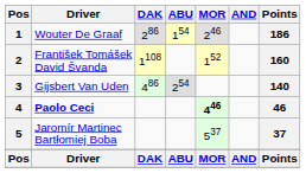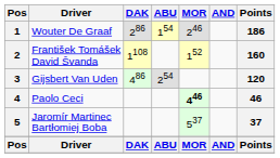 <table class="wikitable" style="font-size: 85%; text-align: center; display: inline-table;">
 <tr valign="top">
 <th valign="middle">Pos</th>
 <th valign="middle">Driver</th>
 <th><a href='#'>DAK</a><br></th>
 <th><a href='#'>ABU</a><br></th>
 <th><a href='#'>MOR</a><br></th>
 <th><a href='#'>AND</a><br></th>
 <th valign="middle">Points</th>
 </tr>
 <tr>
 <th>1</th>
 <td align=left> <a href='#'>Wouter De Graaf</a></td>
 <td style="background:#dfdfdf;">2<sup>86</sup></td>
 <td style="background:#ffffbf;">1<sup>54</sup></td>
 <td style="background:#dfdfdf;">2<sup>46</sup></td>
 <td></td>
 <th>186</th>
 </tr>
 <tr>
 <th>2</th>
 <td align=left> <a href='#'>František Tomášek</a><br> <a href='#'>David Švanda</a></td>
 <td style="background:#ffffbf;">1<sup>108</sup></td>
 <td></td>
 <td style="background:#ffffbf;">1<sup>52</sup></td>
 <td></td>
 <th>160</th>
 </tr>
 <tr>
 <th>3</th>
 <td align=left> <a href='#'>Gijsbert Van Uden</a></td>
 <td style="background:#dfffdf;">4<sup>86</sup></td>
 <td style="background:#dfdfdf;">2<sup>54</sup></td>
 <td></td>
 <td></td>
-<th>140</th>
+<th>120</th>
 </tr>
 <tr>
 <th>4</th>
-<td align=left><strong> <a href='#'>Paolo Ceci</a></strong></td>
+<td align=left> <a href='#'>Paolo Ceci</a></td>
 <td></td>
 <td></td>
 <td style="background:#dfffdf;"><strong>4<sup>46</sup></strong></td>
 <td></td>
 <th>46</th>
 </tr>
 <tr>
 <th>5</th>
 <td align=left> <a href='#'>Jaromír Martinec</a><br> <a href='#'>Bartłomiej Boba</a></td>
 <td></td>
 <td></td>
 <td style="background:#dfffdf;">5<sup>37</sup></td>
 <td></td>
 <th>37</th>
 </tr>
 <tr>
 </tr>
 <tr valign="top">
 <th valign="middle">Pos</th>
 <th valign="middle">Driver</th>
 <th><a href='#'>DAK</a><br></th>
 <th><a href='#'>ABU</a><br></th>
 <th><a href='#'>MOR</a><br></th>
 <th><a href='#'>AND</a><br></th>
 <th valign="middle">Points</th>
 </tr>
 <tr>
 </tr>
 </table>
